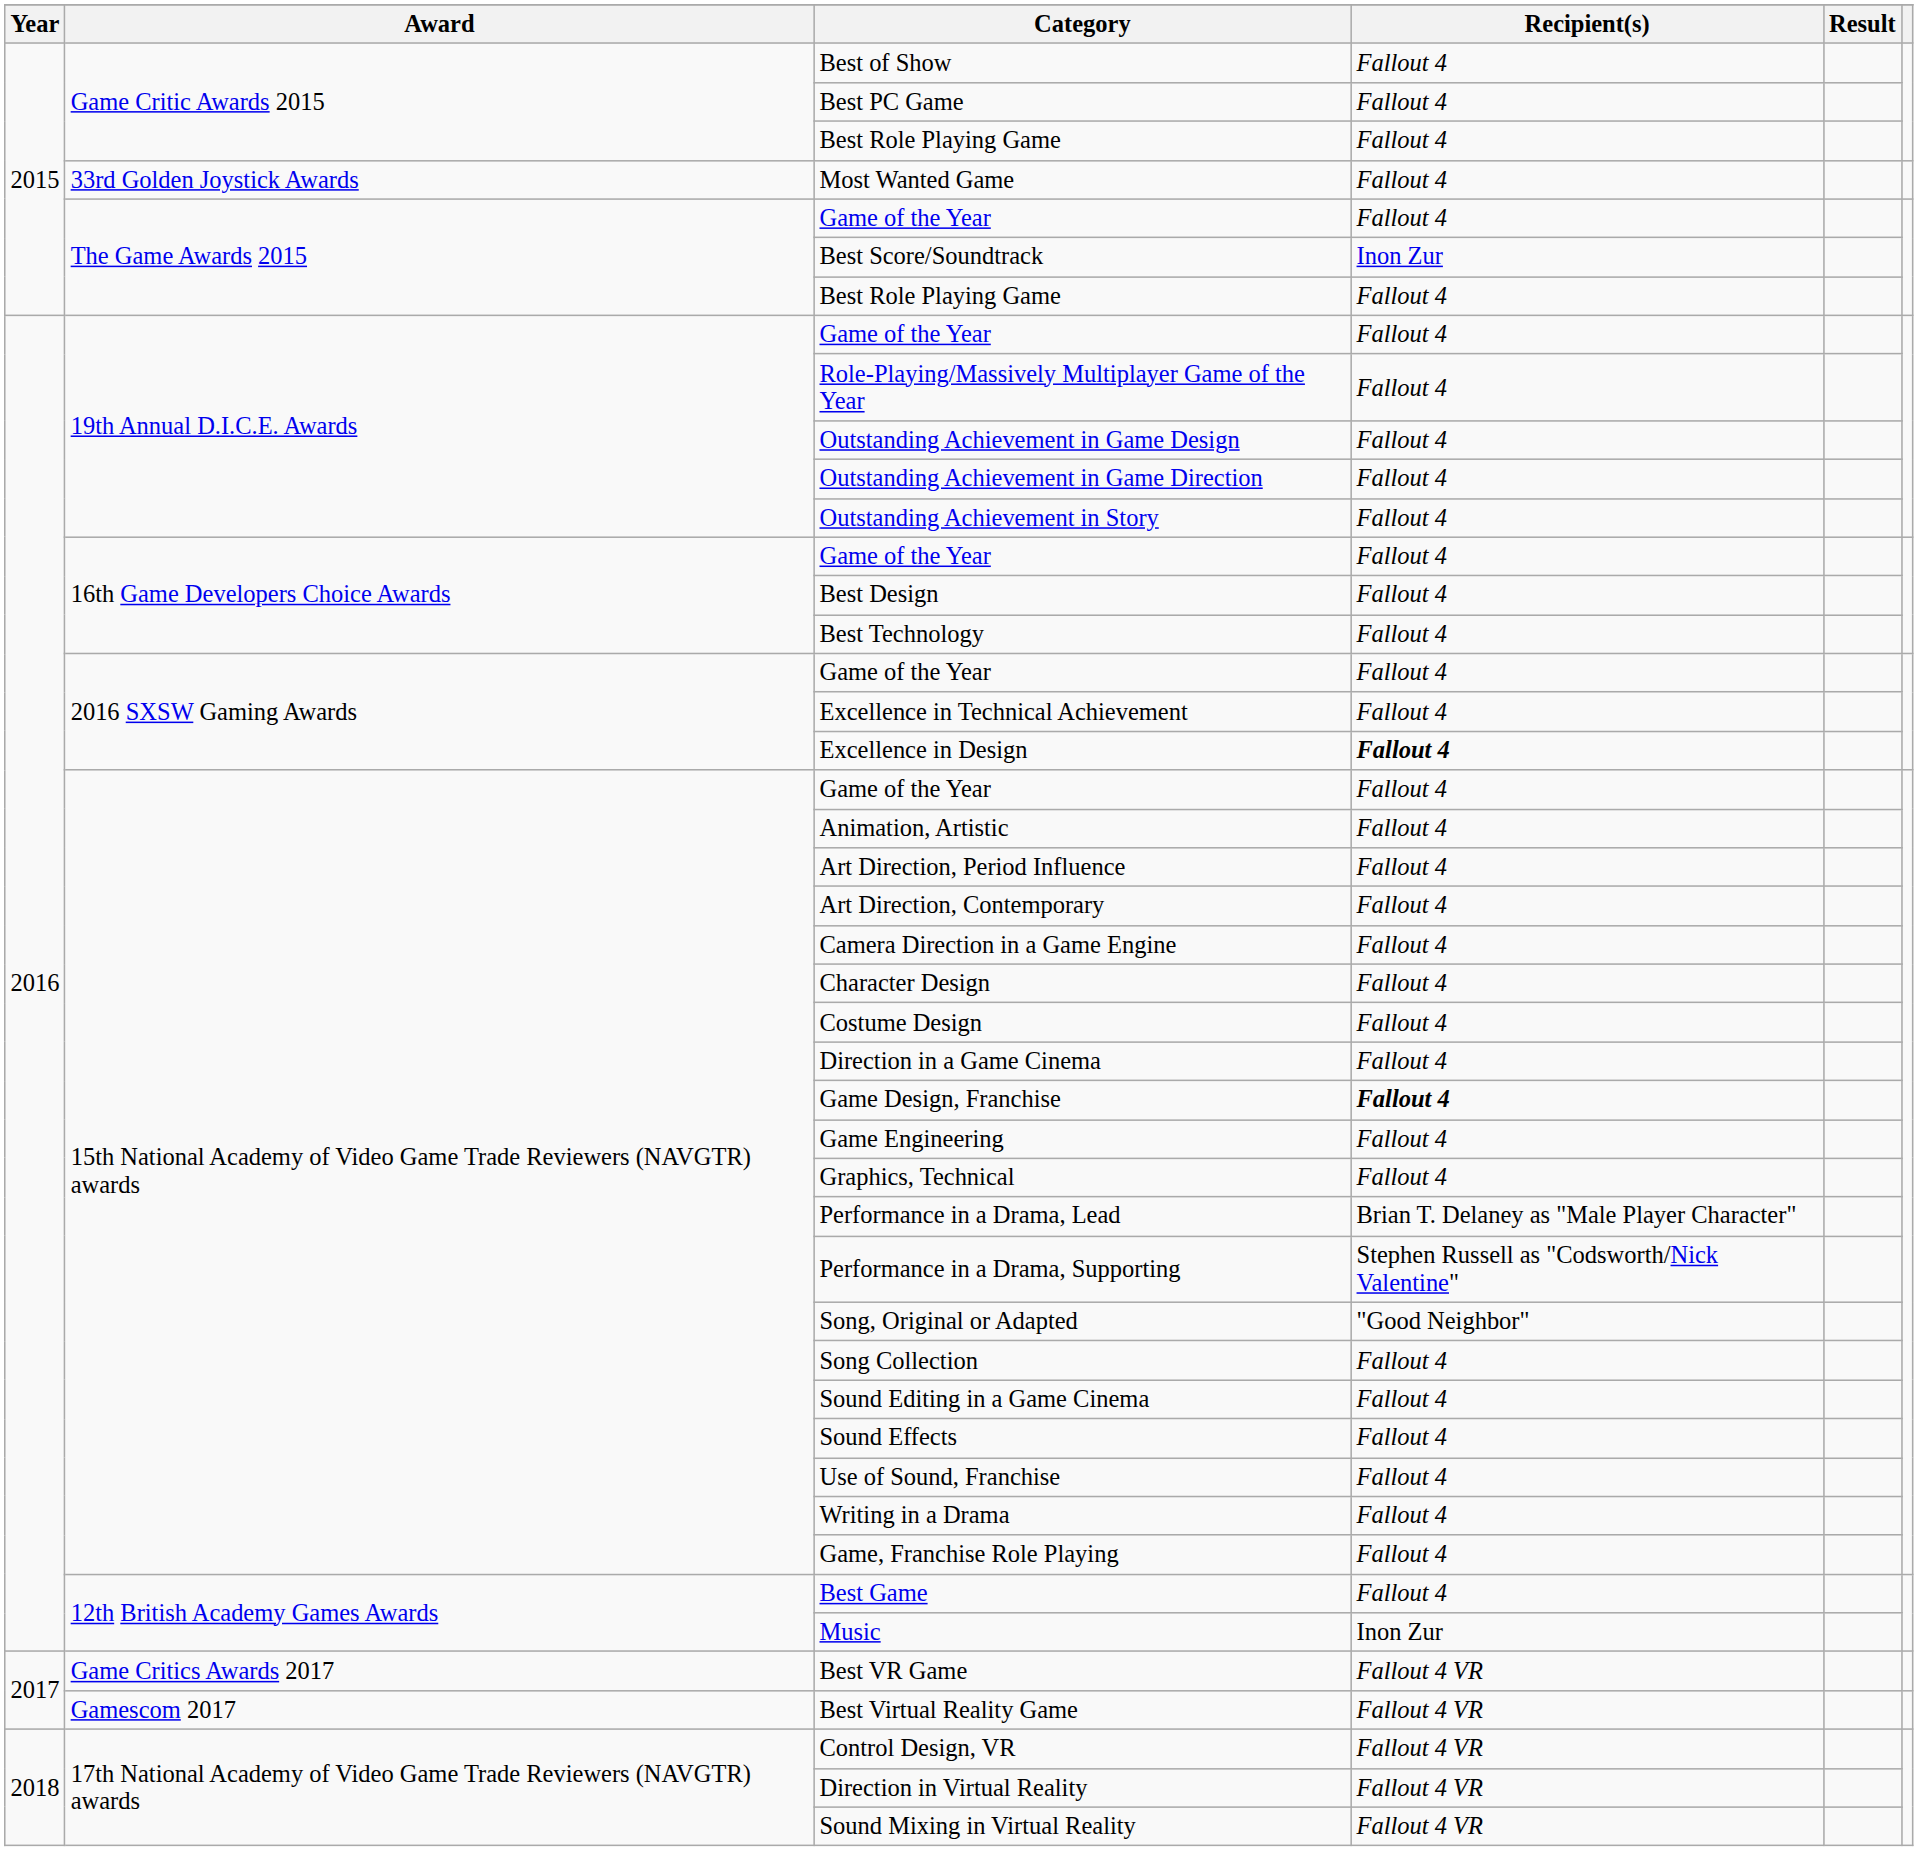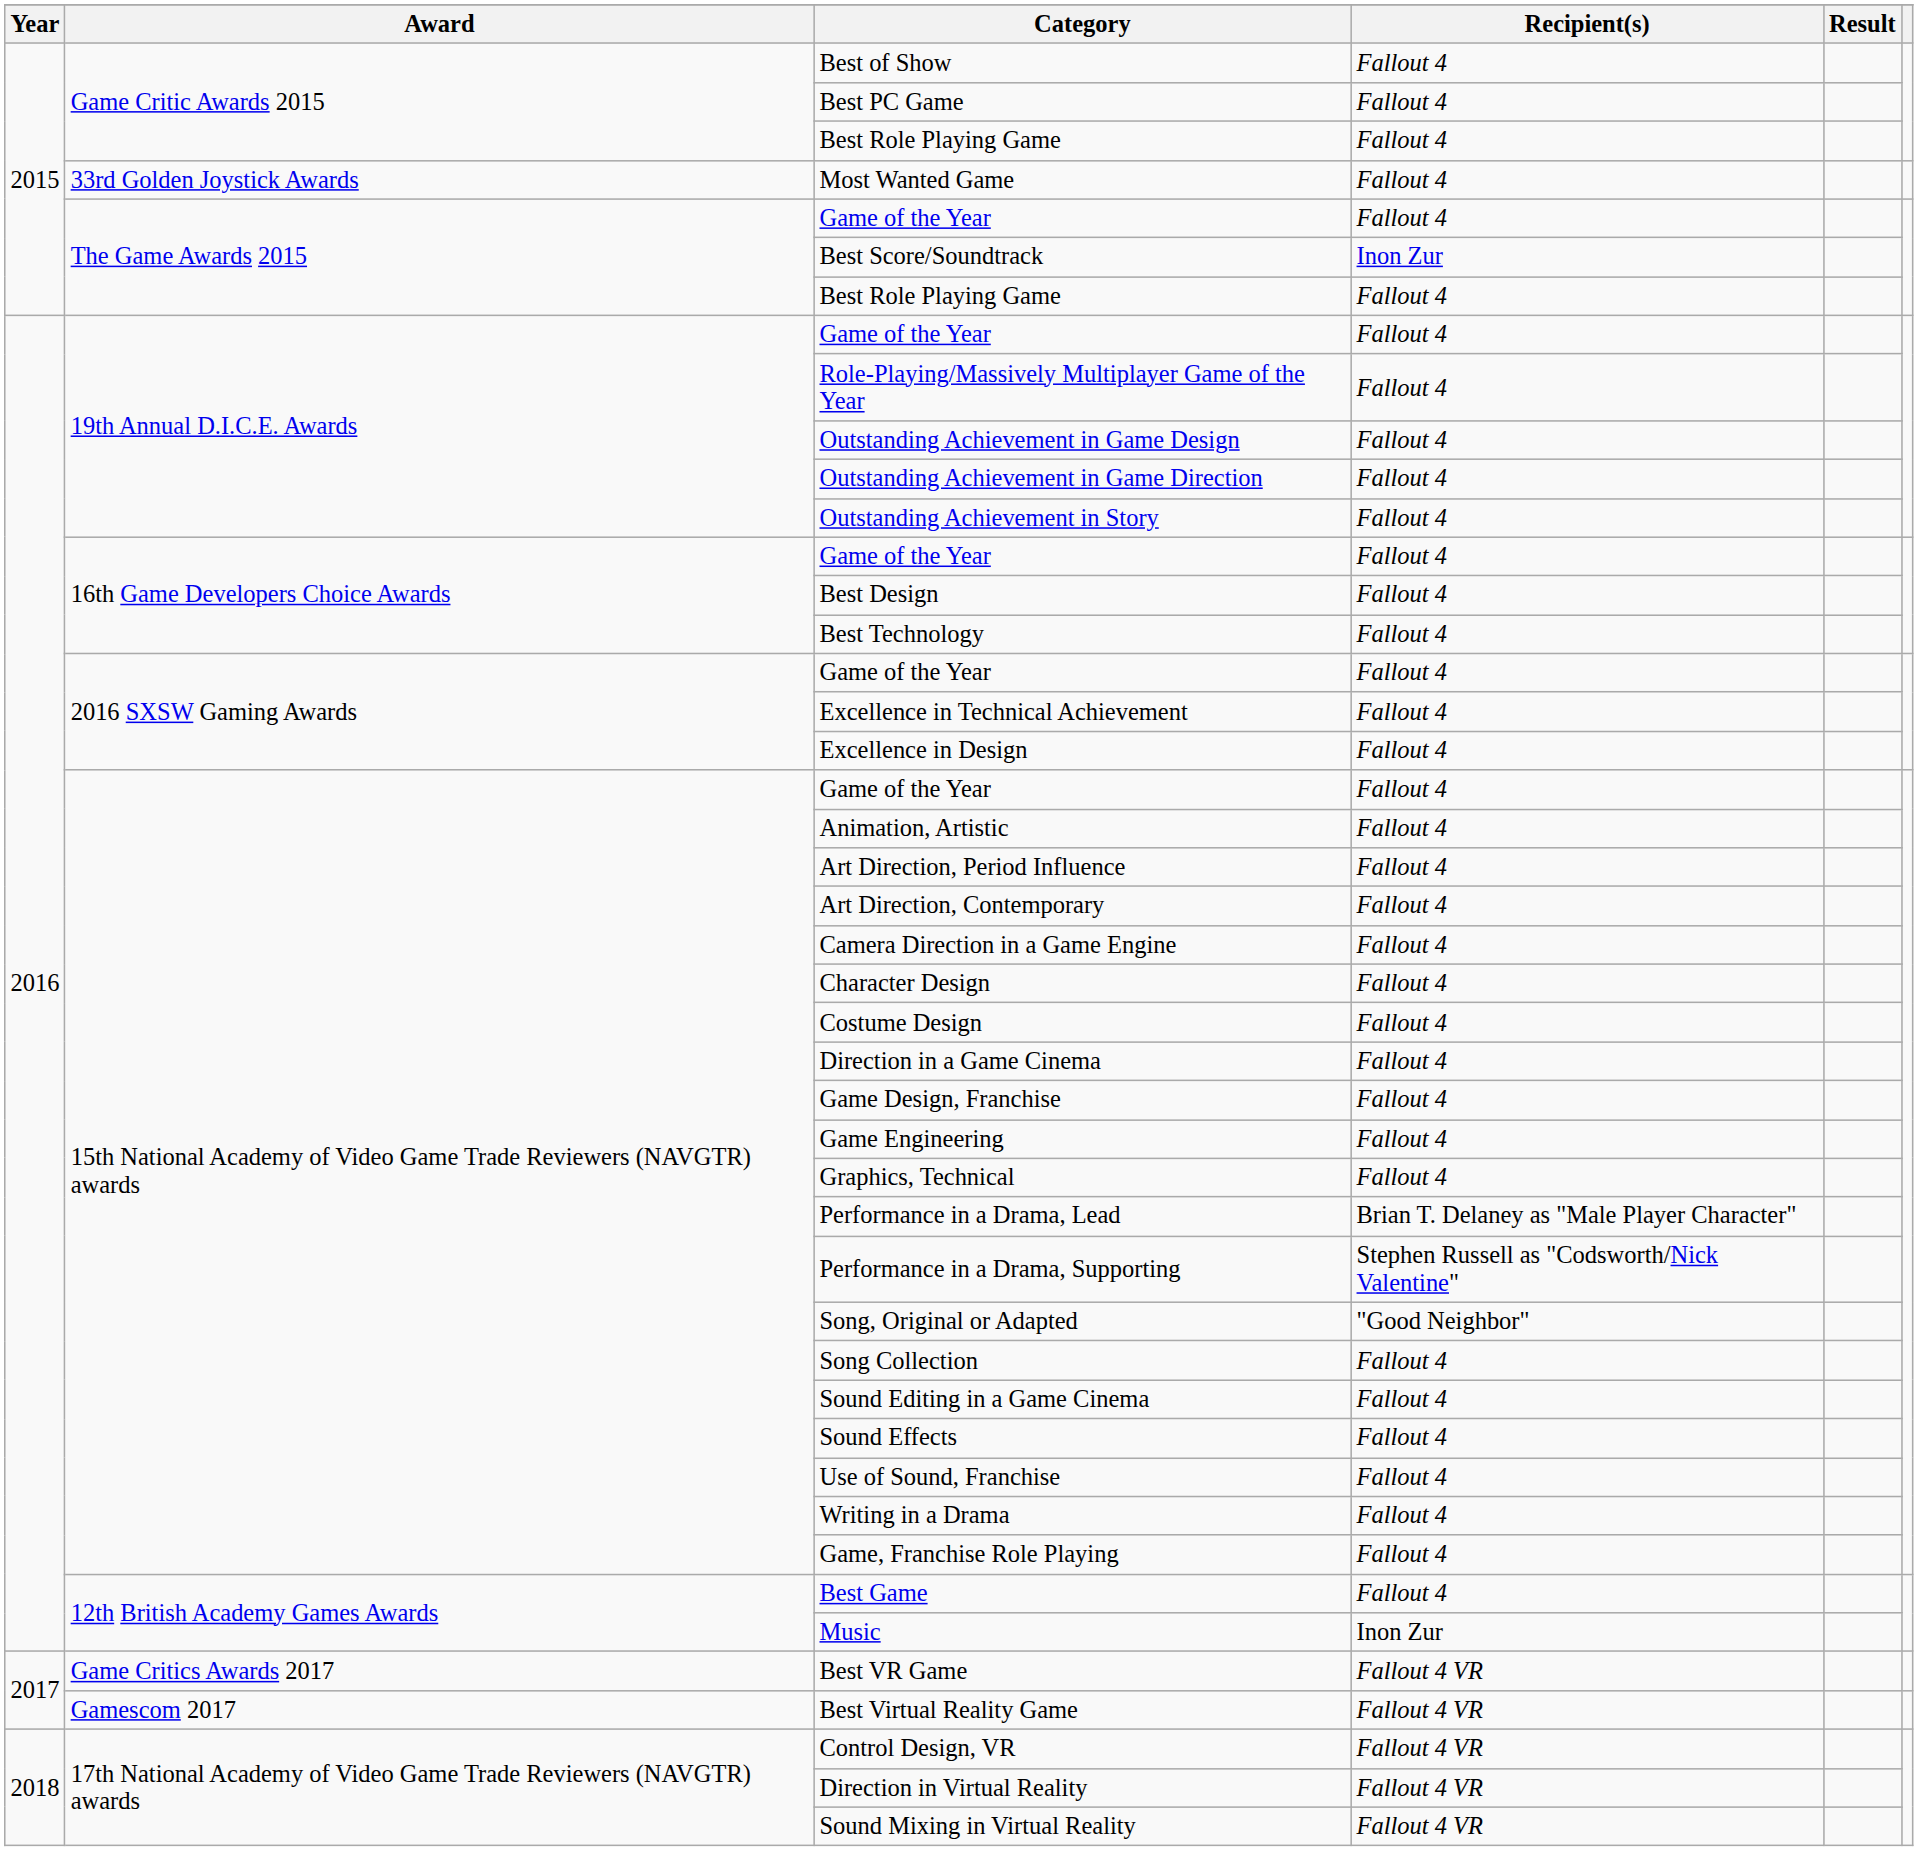 <table class="wikitable">
 <tr>
 </tr>
 <tr>
 <th scope="col">Year</th>
 <th scope="col">Award</th>
 <th scope="col">Category</th>
 <th scope="col">Recipient(s)</th>
 <th scope="col">Result</th>
 <th scope="col" class="unsortable"></th>
 </tr>
 <tr>
 <td style="text-align:center;" rowspan="7">2015</td>
 <td rowspan="3"><a href='#'>Game Critic Awards</a> 2015</td>
 <td>Best of Show</td>
 <td><em>Fallout 4</em></td>
 <td></td>
 <td rowspan="3" style="text-align:center;"></td>
 </tr>
 <tr>
 <td>Best PC Game</td>
 <td><em>Fallout 4</em></td>
 <td></td>
 </tr>
 <tr>
 <td>Best Role Playing Game</td>
 <td><em>Fallout 4</em></td>
 <td></td>
 </tr>
 <tr>
 <td><a href='#'>33rd Golden Joystick Awards</a></td>
 <td>Most Wanted Game</td>
 <td><em>Fallout 4</em></td>
 <td></td>
 <td style="text-align:center;"></td>
 </tr>
 <tr>
 <td rowspan="3"><a href='#'>The Game Awards</a> <a href='#'>2015</a></td>
 <td><a href='#'>Game of the Year</a></td>
 <td><em>Fallout 4</em></td>
 <td></td>
 <td rowspan="3" style="text-align:center;"></td>
 </tr>
 <tr>
 <td>Best Score/Soundtrack</td>
 <td><a href='#'>Inon Zur</a></td>
 <td></td>
 </tr>
 <tr>
 <td>Best Role Playing Game</td>
 <td><em>Fallout 4</em></td>
 <td></td>
 </tr>
 <tr>
 <td style="text-align:center;" rowspan="33">2016</td>
 <td rowspan="5"><a href='#'>19th Annual D.I.C.E. Awards</a></td>
 <td><a href='#'>Game of the Year</a></td>
 <td><em>Fallout 4</em></td>
 <td></td>
 <td rowspan="5" style="text-align:center;"></td>
 </tr>
 <tr>
 <td><a href='#'>Role-Playing/Massively Multiplayer Game of the Year</a></td>
 <td><em>Fallout 4</em></td>
 <td></td>
 </tr>
 <tr>
 <td><a href='#'>Outstanding Achievement in Game Design</a></td>
 <td><em>Fallout 4</em></td>
 <td></td>
 </tr>
 <tr>
 <td><a href='#'>Outstanding Achievement in Game Direction</a></td>
 <td><em>Fallout 4</em></td>
 <td></td>
 </tr>
 <tr>
 <td><a href='#'>Outstanding Achievement in Story</a></td>
 <td><em>Fallout 4</em></td>
 <td></td>
 </tr>
 <tr>
 <td rowspan="3">16th <a href='#'>Game Developers Choice Awards</a></td>
 <td><a href='#'>Game of the Year</a></td>
 <td><em>Fallout 4</em></td>
 <td></td>
 <td rowspan="3" style="text-align:center;"></td>
 </tr>
 <tr>
 <td>Best Design</td>
 <td><em>Fallout 4</em></td>
 <td></td>
 </tr>
 <tr>
 <td>Best Technology</td>
 <td><em>Fallout 4</em></td>
 <td></td>
 </tr>
 <tr>
 <td rowspan="3">2016 <a href='#'>SXSW</a> Gaming Awards</td>
 <td>Game of the Year</td>
 <td><em>Fallout 4</em></td>
 <td></td>
 <td rowspan="3" style="text-align:center;"></td>
 </tr>
 <tr>
 <td>Excellence in Technical Achievement</td>
 <td><em>Fallout 4</em></td>
 <td></td>
 </tr>
 <tr>
 <td>Excellence in Design</td>
-<td><strong><em>Fallout 4</em></strong></td>
+<td><em>Fallout 4</em></td>
 <td></td>
 </tr>
 <tr>
 <td rowspan="20">15th National Academy of Video Game Trade Reviewers (NAVGTR) awards</td>
 <td>Game of the Year</td>
 <td><em>Fallout 4</em></td>
 <td></td>
 <td rowspan="20" style="text-align:center;"></td>
 </tr>
 <tr>
 <td>Animation, Artistic</td>
 <td><em>Fallout 4</em></td>
 <td></td>
 </tr>
 <tr>
 <td>Art Direction, Period Influence</td>
 <td><em>Fallout 4</em></td>
 <td></td>
 </tr>
 <tr>
 <td>Art Direction, Contemporary</td>
 <td><em>Fallout 4</em></td>
 <td></td>
 </tr>
 <tr>
 <td>Camera Direction in a Game Engine</td>
 <td><em>Fallout 4</em></td>
 <td></td>
 </tr>
 <tr>
 <td>Character Design</td>
 <td><em>Fallout 4</em></td>
 <td></td>
 </tr>
 <tr>
 <td>Costume Design</td>
 <td><em>Fallout 4</em></td>
 <td></td>
 </tr>
 <tr>
 <td>Direction in a Game Cinema</td>
 <td><em>Fallout 4</em></td>
 <td></td>
 </tr>
 <tr>
 <td>Game Design, Franchise</td>
-<td><strong><em>Fallout 4</em></strong></td>
+<td><em>Fallout 4</em></td>
 <td></td>
 </tr>
 <tr>
 <td>Game Engineering</td>
 <td><em>Fallout 4</em></td>
 <td></td>
 </tr>
 <tr>
 <td>Graphics, Technical</td>
 <td><em>Fallout 4</em></td>
 <td></td>
 </tr>
 <tr>
 <td>Performance in a Drama, Lead</td>
 <td>Brian T. Delaney as "Male Player Character"</td>
 <td></td>
 </tr>
 <tr>
 <td>Performance in a Drama, Supporting</td>
 <td>Stephen Russell as "Codsworth/<a href='#'>Nick Valentine</a>"</td>
 <td></td>
 </tr>
 <tr>
 <td>Song, Original or Adapted</td>
 <td>"Good Neighbor"</td>
 <td></td>
 </tr>
 <tr>
 <td>Song Collection</td>
 <td><em>Fallout 4</em></td>
 <td></td>
 </tr>
 <tr>
 <td>Sound Editing in a Game Cinema</td>
 <td><em>Fallout 4</em></td>
 <td></td>
 </tr>
 <tr>
 <td>Sound Effects</td>
 <td><em>Fallout 4</em></td>
 <td></td>
 </tr>
 <tr>
 <td>Use of Sound, Franchise</td>
 <td><em>Fallout 4</em></td>
 <td></td>
 </tr>
 <tr>
 <td>Writing in a Drama</td>
 <td><em>Fallout 4</em></td>
 <td></td>
 </tr>
 <tr>
 <td>Game, Franchise Role Playing</td>
 <td><em>Fallout 4</em></td>
 <td></td>
 </tr>
 <tr>
 <td rowspan="2"><a href='#'>12th</a> <a href='#'>British Academy Games Awards</a></td>
 <td><a href='#'>Best Game</a></td>
 <td><em>Fallout 4</em></td>
 <td></td>
 <td rowspan="2" style="text-align:center;"></td>
 </tr>
 <tr>
 <td><a href='#'>Music</a></td>
 <td>Inon Zur</td>
 <td></td>
 </tr>
 <tr>
 <td style="text-align:center;" rowspan="2">2017</td>
 <td><a href='#'>Game Critics Awards</a> 2017</td>
 <td>Best VR Game</td>
 <td><em>Fallout 4 VR</em></td>
 <td></td>
 <td style="text-align:center;"></td>
 </tr>
 <tr>
 <td><a href='#'>Gamescom</a> 2017</td>
 <td>Best Virtual Reality Game</td>
 <td><em>Fallout 4 VR</em></td>
 <td></td>
 <td style="text-align:center;"></td>
 </tr>
 <tr>
 <td style="text-align:center;" rowspan="3">2018</td>
 <td rowspan="3">17th National Academy of Video Game Trade Reviewers (NAVGTR) awards</td>
 <td>Control Design, VR</td>
 <td><em>Fallout 4 VR</em></td>
 <td></td>
 <td rowspan="3" style="text-align:center;"></td>
 </tr>
 <tr>
 <td>Direction in Virtual Reality</td>
 <td><em>Fallout 4 VR</em></td>
 <td></td>
 </tr>
 <tr>
 <td>Sound Mixing in Virtual Reality</td>
 <td><em>Fallout 4 VR</em></td>
 <td></td>
 </tr>
 </table>
